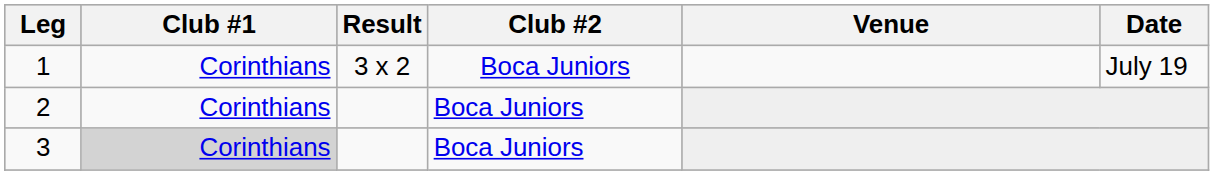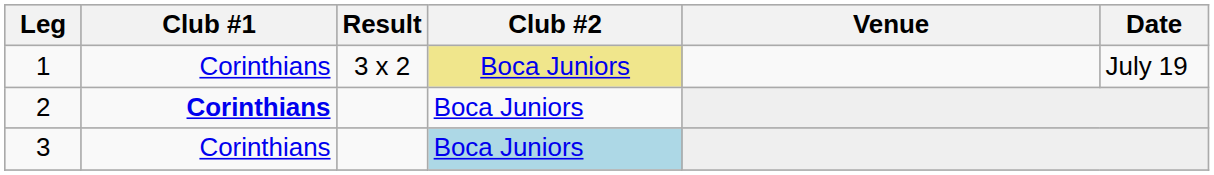 <table class="wikitable">
 <tr>
 <th width=40px>Leg</th>
 <th width=150px>Club #1</th>
 <th width=40px>Result</th>
 <th width=150px>Club #2</th>
 <th width=250px>Venue</th>
 <th width=60px>Date</th>
 </tr>
 <tr>
 <td align=center>1</td>
 <td align=right><a href='#'>Corinthians</a> </td>
 <td align="center">3 x 2</td>
-<td align="center"> <a href='#'>Boca Juniors</a></td>
+<td align="center" style="background: khaki;"> <a href='#'>Boca Juniors</a></td>
 <td></td>
 <td>July 19</td>
 </tr>
 <tr>
 <td align=center>2</td>
-<td align=right><a href='#'>Corinthians</a> </td>
+<td align=right><strong><a href='#'>Corinthians</a> </strong></td>
 <td></td>
 <td> <a href='#'>Boca Juniors</a></td>
 <td colspan=2 style="text-align: center; background:#efefef;"></td>
 </tr>
 <tr>
 <td align=center>3</td>
-<td align=right style="background: lightgrey;"><a href='#'>Corinthians</a> </td>
+<td align=right><a href='#'>Corinthians</a> </td>
 <td></td>
-<td> <a href='#'>Boca Juniors</a></td>
+<td style="background: lightblue;"> <a href='#'>Boca Juniors</a></td>
 <td colspan=2 style="text-align: center; background:#efefef"></td>
 </tr>
 </table>
